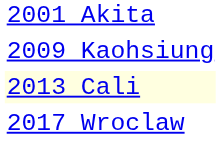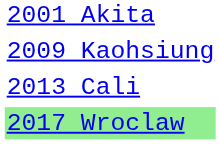 <table>
 <tr>
 <td><a href='#'>2001 Akita</a></td>
 <td></td>
 <td></td>
 <td></td>
 </tr>
 <tr>
 <td><a href='#'>2009 Kaohsiung</a></td>
 <td></td>
 <td></td>
 <td></td>
 </tr>
 <tr>
-<td style="background: lightyellow;"><a href='#'>2013 Cali</a></td>
+<td><a href='#'>2013 Cali</a></td>
 <td></td>
 <td></td>
 <td></td>
 </tr>
 <tr>
-<td><a href='#'>2017 Wroclaw</a></td>
+<td style="background: lightgreen;"><a href='#'>2017 Wroclaw</a></td>
 <td></td>
 <td></td>
 <td></td>
 </tr>
 </table>
